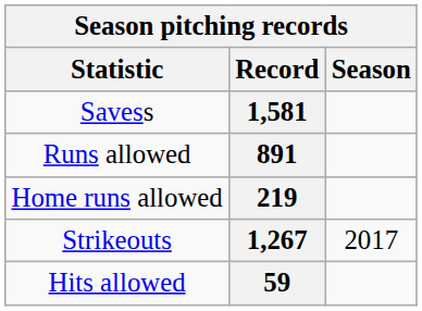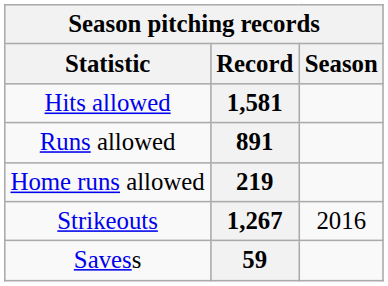 <table class="wikitable" style="text-align:center">
 <tr>
 <th colspan=3>Season pitching records</th>
 </tr>
 <tr>
 <th scope="col">Statistic</th>
 <th scope="col" class="unsortable">Record</th>
 <th scope="col">Season</th>
 </tr>
 <tr>
-<td><a href='#'>Saves</a>s</td>
+<td><a href='#'>Hits allowed</a></td>
 <th scope="row">1,581</th>
 <td></td>
 </tr>
 <tr>
 <td><a href='#'>Runs</a> allowed</td>
 <th scope="row">891</th>
 <td></td>
 </tr>
 <tr>
 <td><a href='#'>Home runs</a> allowed</td>
 <th scope="row">219</th>
 <td></td>
 </tr>
 <tr>
 <td><a href='#'>Strikeouts</a></td>
 <th scope="row">1,267</th>
-<td>2017</td>
+<td>2016</td>
 </tr>
 <tr>
-<td><a href='#'>Hits allowed</a></td>
+<td><a href='#'>Saves</a>s</td>
 <th scope="row">59</th>
 <td></td>
 </tr>
 </table>
